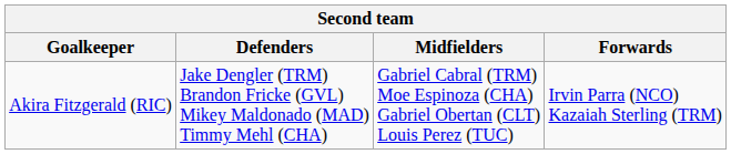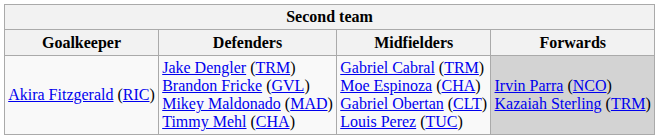 <table class="wikitable">
 <tr>
 <th colspan="4">Second team</th>
 </tr>
 <tr>
 <th>Goalkeeper</th>
 <th>Defenders</th>
 <th>Midfielders</th>
 <th>Forwards</th>
 </tr>
 <tr>
 <td> <a href='#'>Akira Fitzgerald</a> (<a href='#'>RIC</a>)</td>
 <td> <a href='#'>Jake Dengler</a> (<a href='#'>TRM</a>)<br> <a href='#'>Brandon Fricke</a> (<a href='#'>GVL</a>)<br> <a href='#'>Mikey Maldonado</a> (<a href='#'>MAD</a>)<br> <a href='#'>Timmy Mehl</a> (<a href='#'>CHA</a>)</td>
 <td> <a href='#'>Gabriel Cabral</a> (<a href='#'>TRM</a>)<br> <a href='#'>Moe Espinoza</a> (<a href='#'>CHA</a>)<br> <a href='#'>Gabriel Obertan</a> (<a href='#'>CLT</a>)<br> <a href='#'>Louis Perez</a> (<a href='#'>TUC</a>)</td>
-<td> <a href='#'>Irvin Parra</a> (<a href='#'>NCO</a>)<br> <a href='#'>Kazaiah Sterling</a> (<a href='#'>TRM</a>)</td>
+<td style="background: lightgrey;"> <a href='#'>Irvin Parra</a> (<a href='#'>NCO</a>)<br> <a href='#'>Kazaiah Sterling</a> (<a href='#'>TRM</a>)</td>
 </tr>
 </table>
